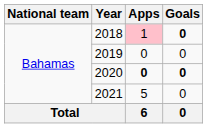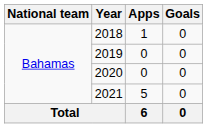 <table class="wikitable" style="text-align:center">
 <tr>
 <th>National team</th>
 <th>Year</th>
 <th>Apps</th>
 <th>Goals</th>
 </tr>
 <tr>
 <td rowspan="4"><a href='#'>Bahamas</a></td>
 <td>2018</td>
-<td style="background: pink;">1</td>
-<td><strong>0</strong></td>
+<td>1</td>
+<td>0</td>
 </tr>
 <tr>
 <td>2019</td>
 <td>0</td>
 <td>0</td>
 </tr>
 <tr>
 <td>2020</td>
-<td><strong>0</strong></td>
-<td><strong>0</strong></td>
+<td>0</td>
+<td>0</td>
 </tr>
 <tr>
 <td>2021</td>
 <td>5</td>
 <td>0</td>
 </tr>
 <tr>
 <th colspan=2>Total</th>
 <th>6</th>
 <th>0</th>
 </tr>
 </table>
